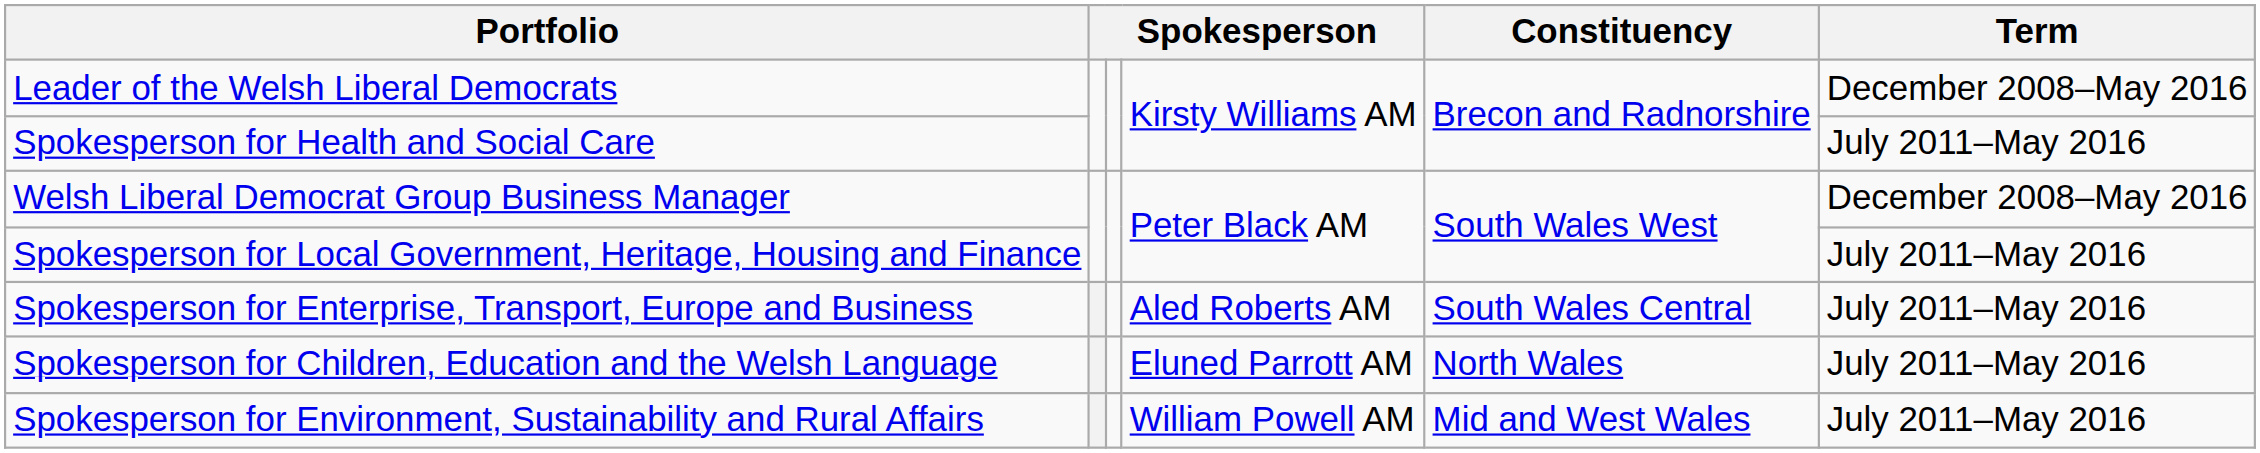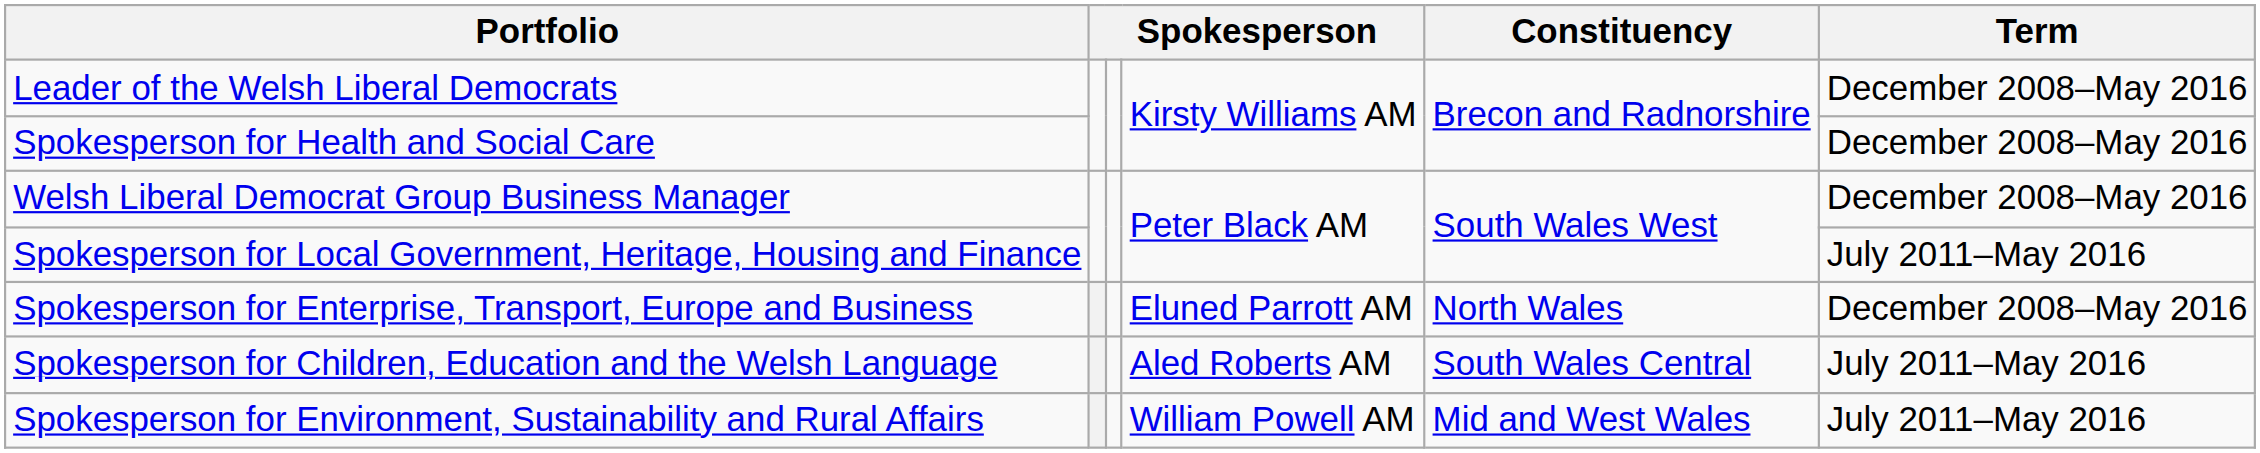 <table class="wikitable">
 <tr>
 <th colspan="1">Portfolio</th>
 <th colspan="3">Spokesperson</th>
 <th colspan="1">Constituency</th>
 <th colspan="1">Term</th>
 </tr>
 <tr>
 <td><a href='#'>Leader of the Welsh Liberal Democrats</a></td>
 <td rowspan="2" style="background-color: "></td>
 <td rowspan="2"></td>
 <td rowspan="2"><a href='#'>Kirsty Williams</a> AM</td>
 <td rowspan="2"><a href='#'>Brecon and Radnorshire</a></td>
 <td>December 2008–May 2016</td>
 </tr>
 <tr>
 <td><a href='#'>Spokesperson for Health and Social Care</a></td>
-<td>July 2011–May 2016</td>
+<td>December 2008–May 2016</td>
 </tr>
 <tr>
 <td><a href='#'>Welsh Liberal Democrat Group Business Manager</a></td>
 <td rowspan="2" style="background-color: "></td>
 <td rowspan="2"></td>
 <td rowspan="2"><a href='#'>Peter Black</a> AM</td>
 <td rowspan="2"><a href='#'>South Wales West</a></td>
 <td>December 2008–May 2016</td>
 </tr>
 <tr>
 <td><a href='#'>Spokesperson for Local Government, Heritage, Housing and Finance</a></td>
 <td>July 2011–May 2016</td>
 </tr>
 <tr>
 <td><a href='#'>Spokesperson for Enterprise, Transport, Europe and Business</a></td>
 <th style="background-color: "></th>
 <td></td>
-<td><a href='#'>Aled Roberts</a> AM</td>
-<td><a href='#'>South Wales Central</a></td>
-<td>July 2011–May 2016</td>
+<td><a href='#'>Eluned Parrott</a> AM</td>
+<td><a href='#'>North Wales</a></td>
+<td>December 2008–May 2016</td>
 </tr>
 <tr>
 <td><a href='#'>Spokesperson for Children, Education and the Welsh Language</a></td>
 <th style="background-color: "></th>
 <td></td>
-<td><a href='#'>Eluned Parrott</a> AM</td>
-<td><a href='#'>North Wales</a></td>
+<td><a href='#'>Aled Roberts</a> AM</td>
+<td><a href='#'>South Wales Central</a></td>
 <td>July 2011–May 2016</td>
 </tr>
 <tr>
 <td><a href='#'>Spokesperson for Environment, Sustainability and Rural Affairs</a></td>
 <th style="background-color: "></th>
 <td></td>
 <td><a href='#'>William Powell</a> AM</td>
 <td><a href='#'>Mid and West Wales</a></td>
 <td>July 2011–May 2016</td>
 </tr>
 </table>
